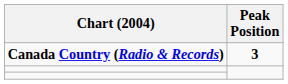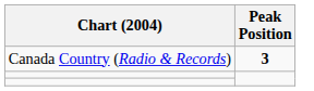 <table class="wikitable sortable">
 <tr>
 <th align="left">Chart (2004)</th>
 <th align="center">Peak<br>Position</th>
 </tr>
 <tr>
-<td align="left"><strong>Canada <a href='#'>Country</a> (<em><a href='#'>Radio & Records</a></em>)</strong></td>
+<td align="left">Canada <a href='#'>Country</a> (<em><a href='#'>Radio & Records</a></em>)</td>
 <td align="center"><strong>3</strong></td>
 </tr>
 <tr>
 <td></td>
 </tr>
 <tr>
 <td></td>
 </tr>
 </table>
